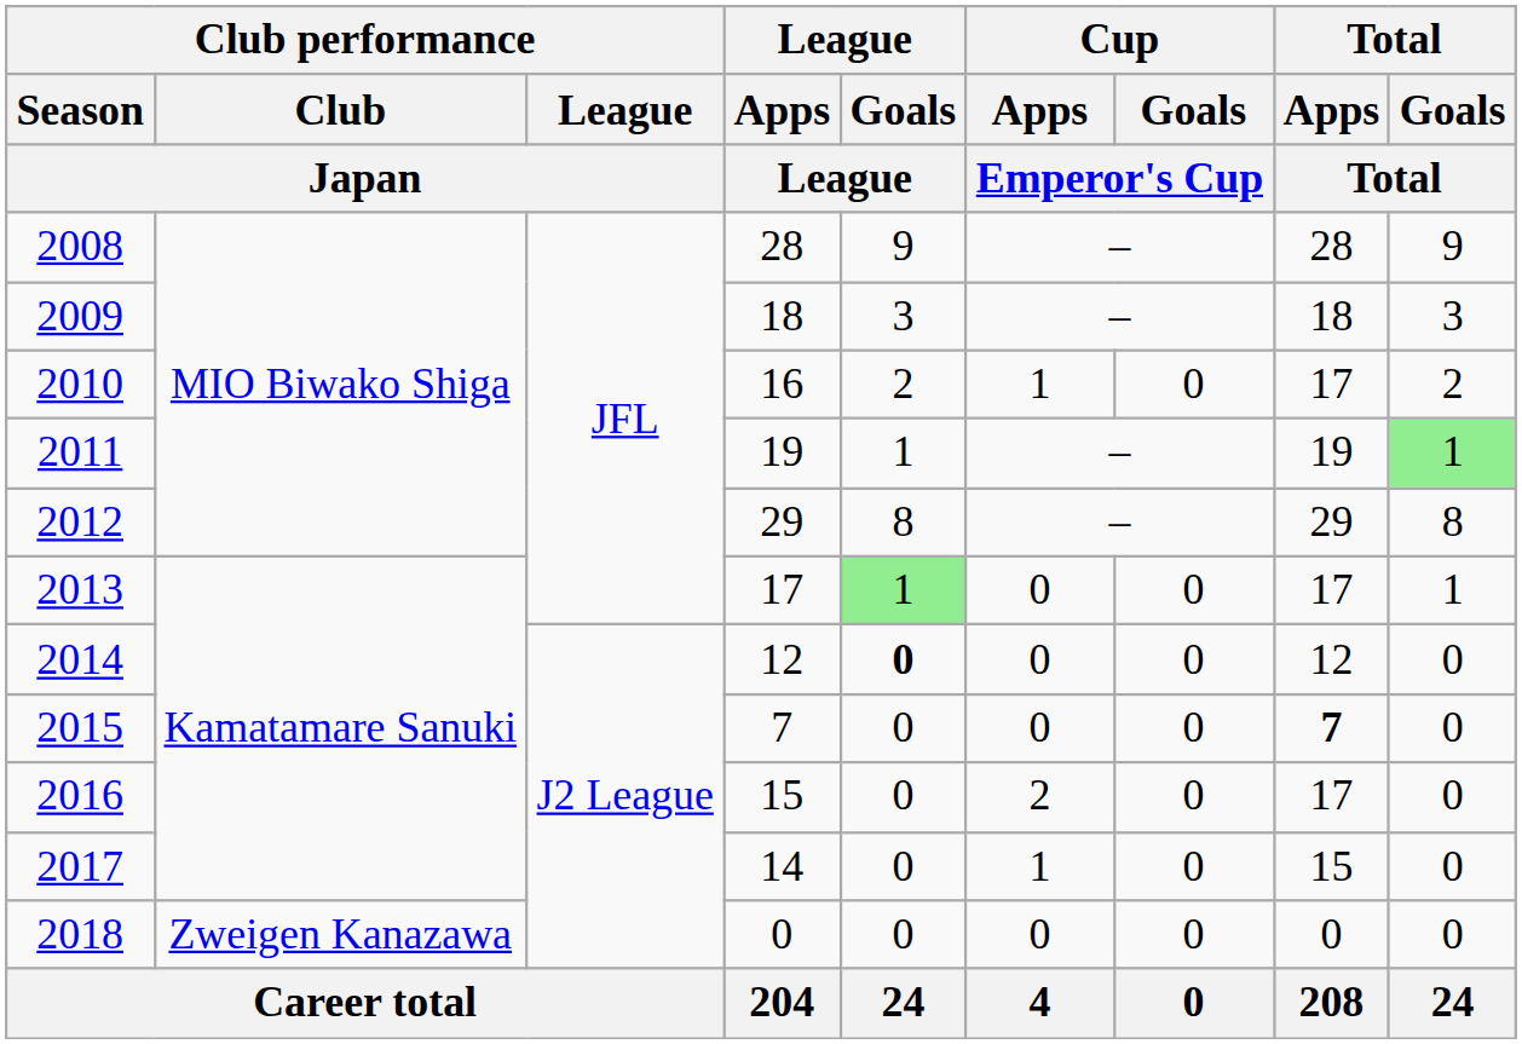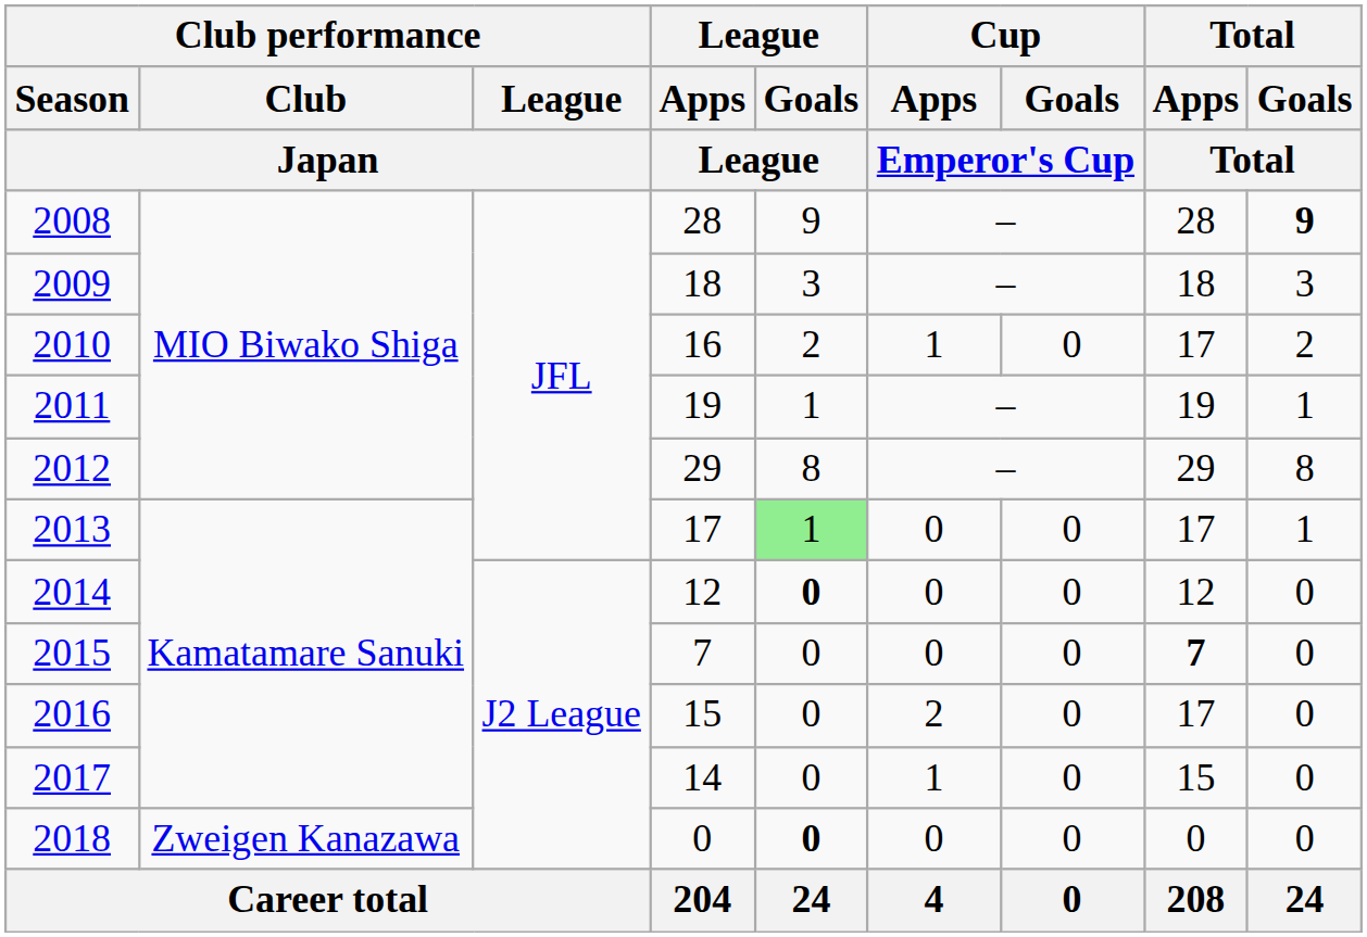 <table class="wikitable" style="text-align:center">
 <tr>
 <th colspan=3>Club performance</th>
 <th colspan=2>League</th>
 <th colspan=2>Cup</th>
 <th colspan=2>Total</th>
 </tr>
 <tr>
 <th>Season</th>
 <th>Club</th>
 <th>League</th>
 <th>Apps</th>
 <th>Goals</th>
 <th>Apps</th>
 <th>Goals</th>
 <th>Apps</th>
 <th>Goals</th>
 </tr>
 <tr>
 <th colspan=3>Japan</th>
 <th colspan=2>League</th>
 <th colspan=2><a href='#'>Emperor's Cup</a></th>
 <th colspan=2>Total</th>
 </tr>
 <tr>
 <td><a href='#'>2008</a></td>
 <td rowspan="5"><a href='#'>MIO Biwako Shiga</a></td>
 <td rowspan="6"><a href='#'>JFL</a></td>
 <td>28</td>
 <td>9</td>
 <td colspan="2">–</td>
 <td>28</td>
-<td>9</td>
+<td><strong>9</strong></td>
 </tr>
 <tr>
 <td><a href='#'>2009</a></td>
 <td>18</td>
 <td>3</td>
 <td colspan="2">–</td>
 <td>18</td>
 <td>3</td>
 </tr>
 <tr>
 <td><a href='#'>2010</a></td>
 <td>16</td>
 <td>2</td>
 <td>1</td>
 <td>0</td>
 <td>17</td>
 <td>2</td>
 </tr>
 <tr>
 <td><a href='#'>2011</a></td>
 <td>19</td>
 <td>1</td>
 <td colspan="2">–</td>
 <td>19</td>
-<td style="background: lightgreen;">1</td>
+<td>1</td>
 </tr>
 <tr>
 <td><a href='#'>2012</a></td>
 <td>29</td>
 <td>8</td>
 <td colspan="2">–</td>
 <td>29</td>
 <td>8</td>
 </tr>
 <tr>
 <td><a href='#'>2013</a></td>
 <td rowspan="5"><a href='#'>Kamatamare Sanuki</a></td>
 <td>17</td>
 <td style="background: lightgreen;">1</td>
 <td>0</td>
 <td>0</td>
 <td>17</td>
 <td>1</td>
 </tr>
 <tr>
 <td><a href='#'>2014</a></td>
 <td rowspan="5"><a href='#'>J2 League</a></td>
 <td>12</td>
 <td><strong>0</strong></td>
 <td>0</td>
 <td>0</td>
 <td>12</td>
 <td>0</td>
 </tr>
 <tr>
 <td><a href='#'>2015</a></td>
 <td>7</td>
 <td>0</td>
 <td>0</td>
 <td>0</td>
 <td><strong>7</strong></td>
 <td>0</td>
 </tr>
 <tr>
 <td><a href='#'>2016</a></td>
 <td>15</td>
 <td>0</td>
 <td>2</td>
 <td>0</td>
 <td>17</td>
 <td>0</td>
 </tr>
 <tr>
 <td><a href='#'>2017</a></td>
 <td>14</td>
 <td>0</td>
 <td>1</td>
 <td>0</td>
 <td>15</td>
 <td>0</td>
 </tr>
 <tr>
 <td><a href='#'>2018</a></td>
 <td rowspan=1><a href='#'>Zweigen Kanazawa</a></td>
 <td>0</td>
-<td>0</td>
+<td><strong>0</strong></td>
 <td>0</td>
 <td>0</td>
 <td>0</td>
 <td>0</td>
 </tr>
 <tr>
 <th colspan=3>Career total</th>
 <th>204</th>
 <th>24</th>
 <th>4</th>
 <th>0</th>
 <th>208</th>
 <th>24</th>
 </tr>
 </table>
